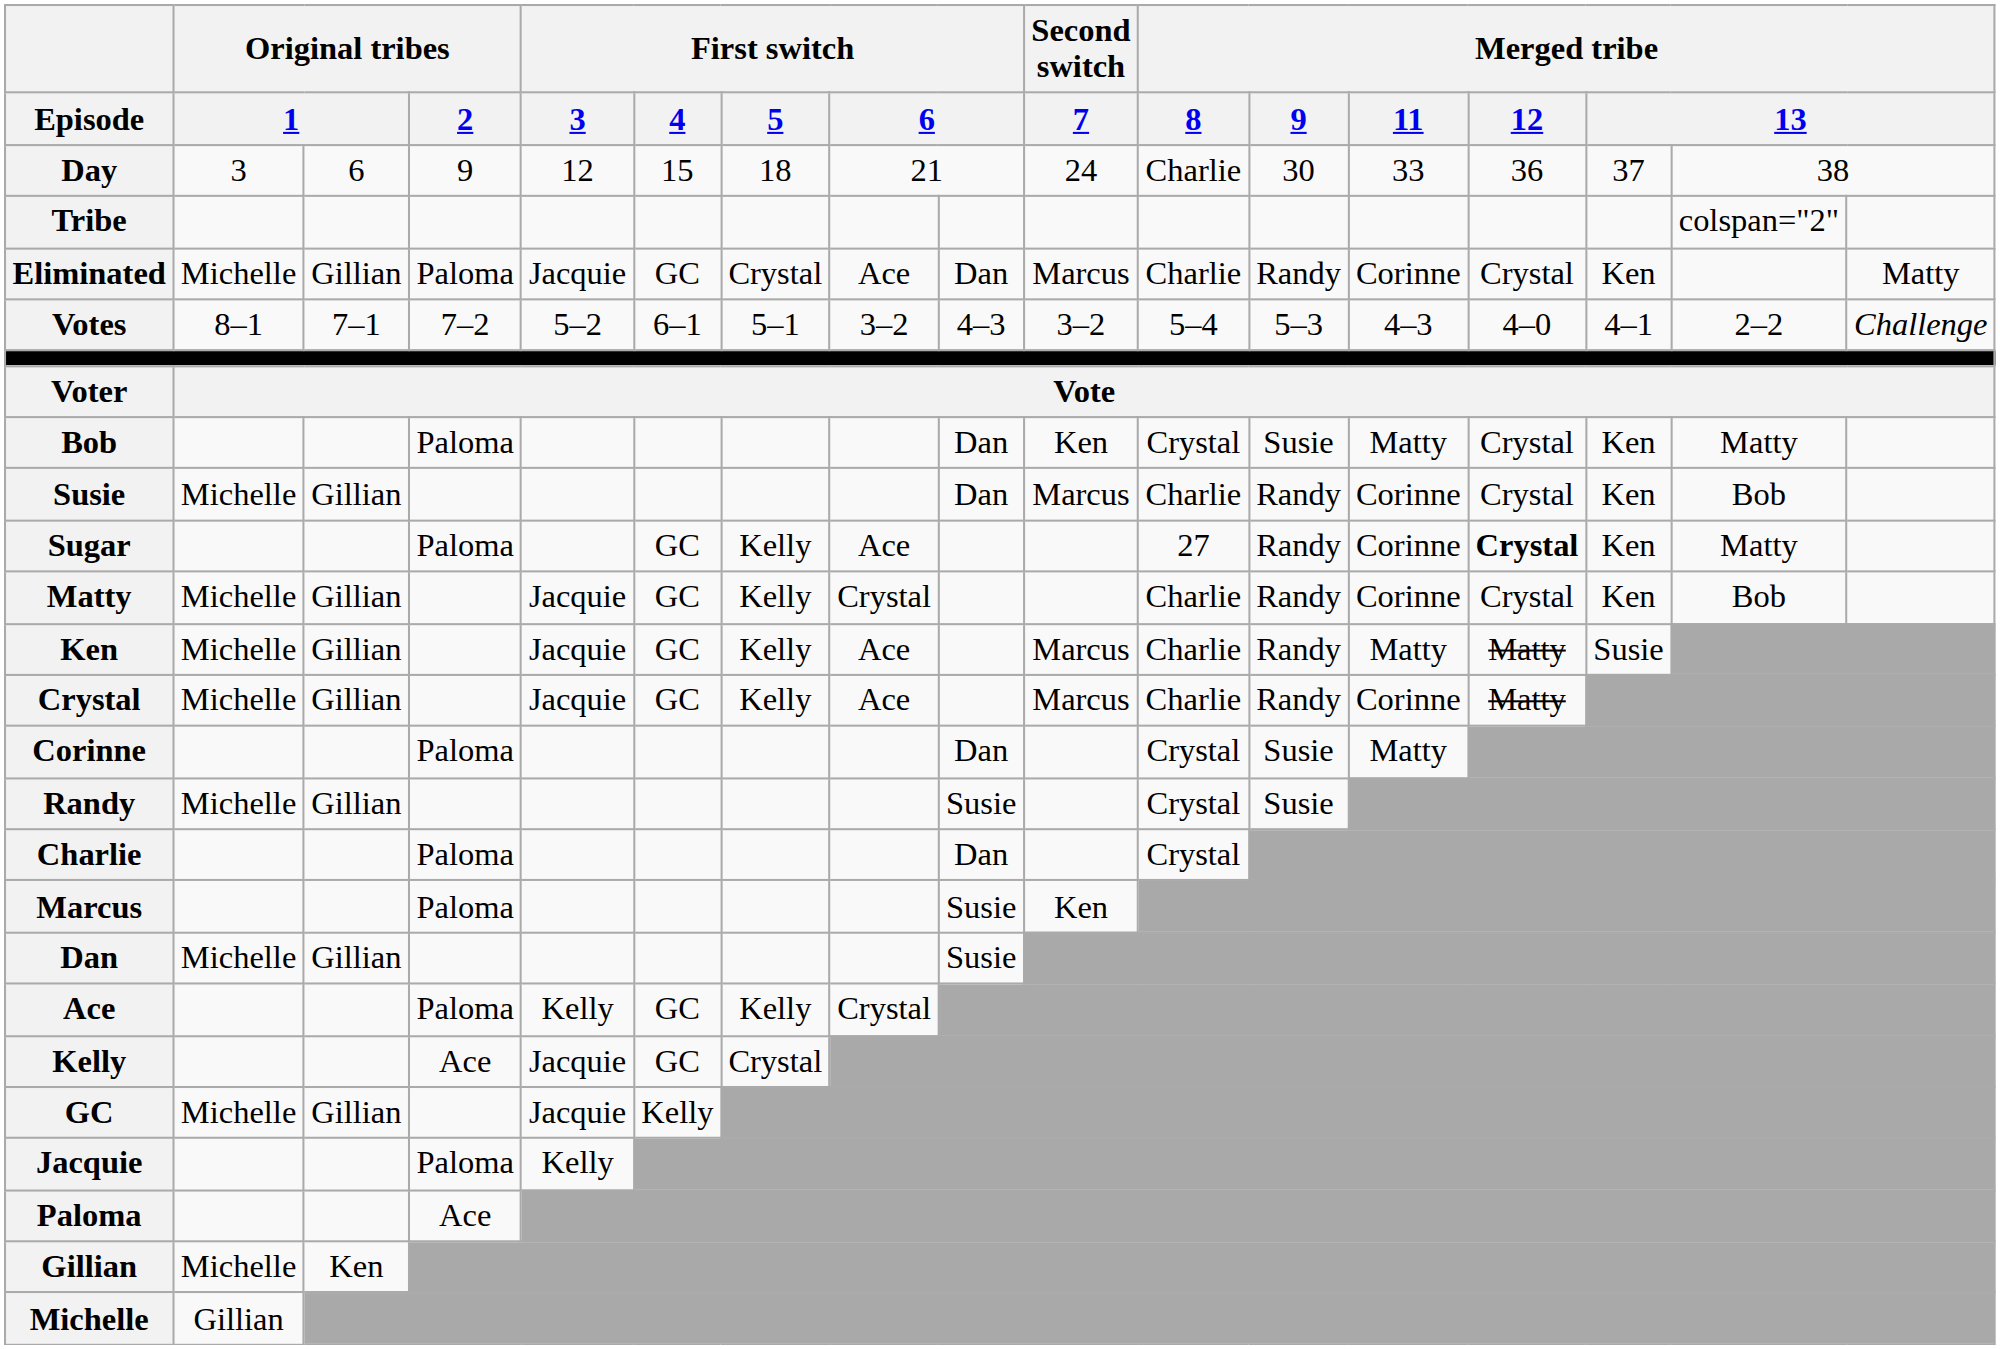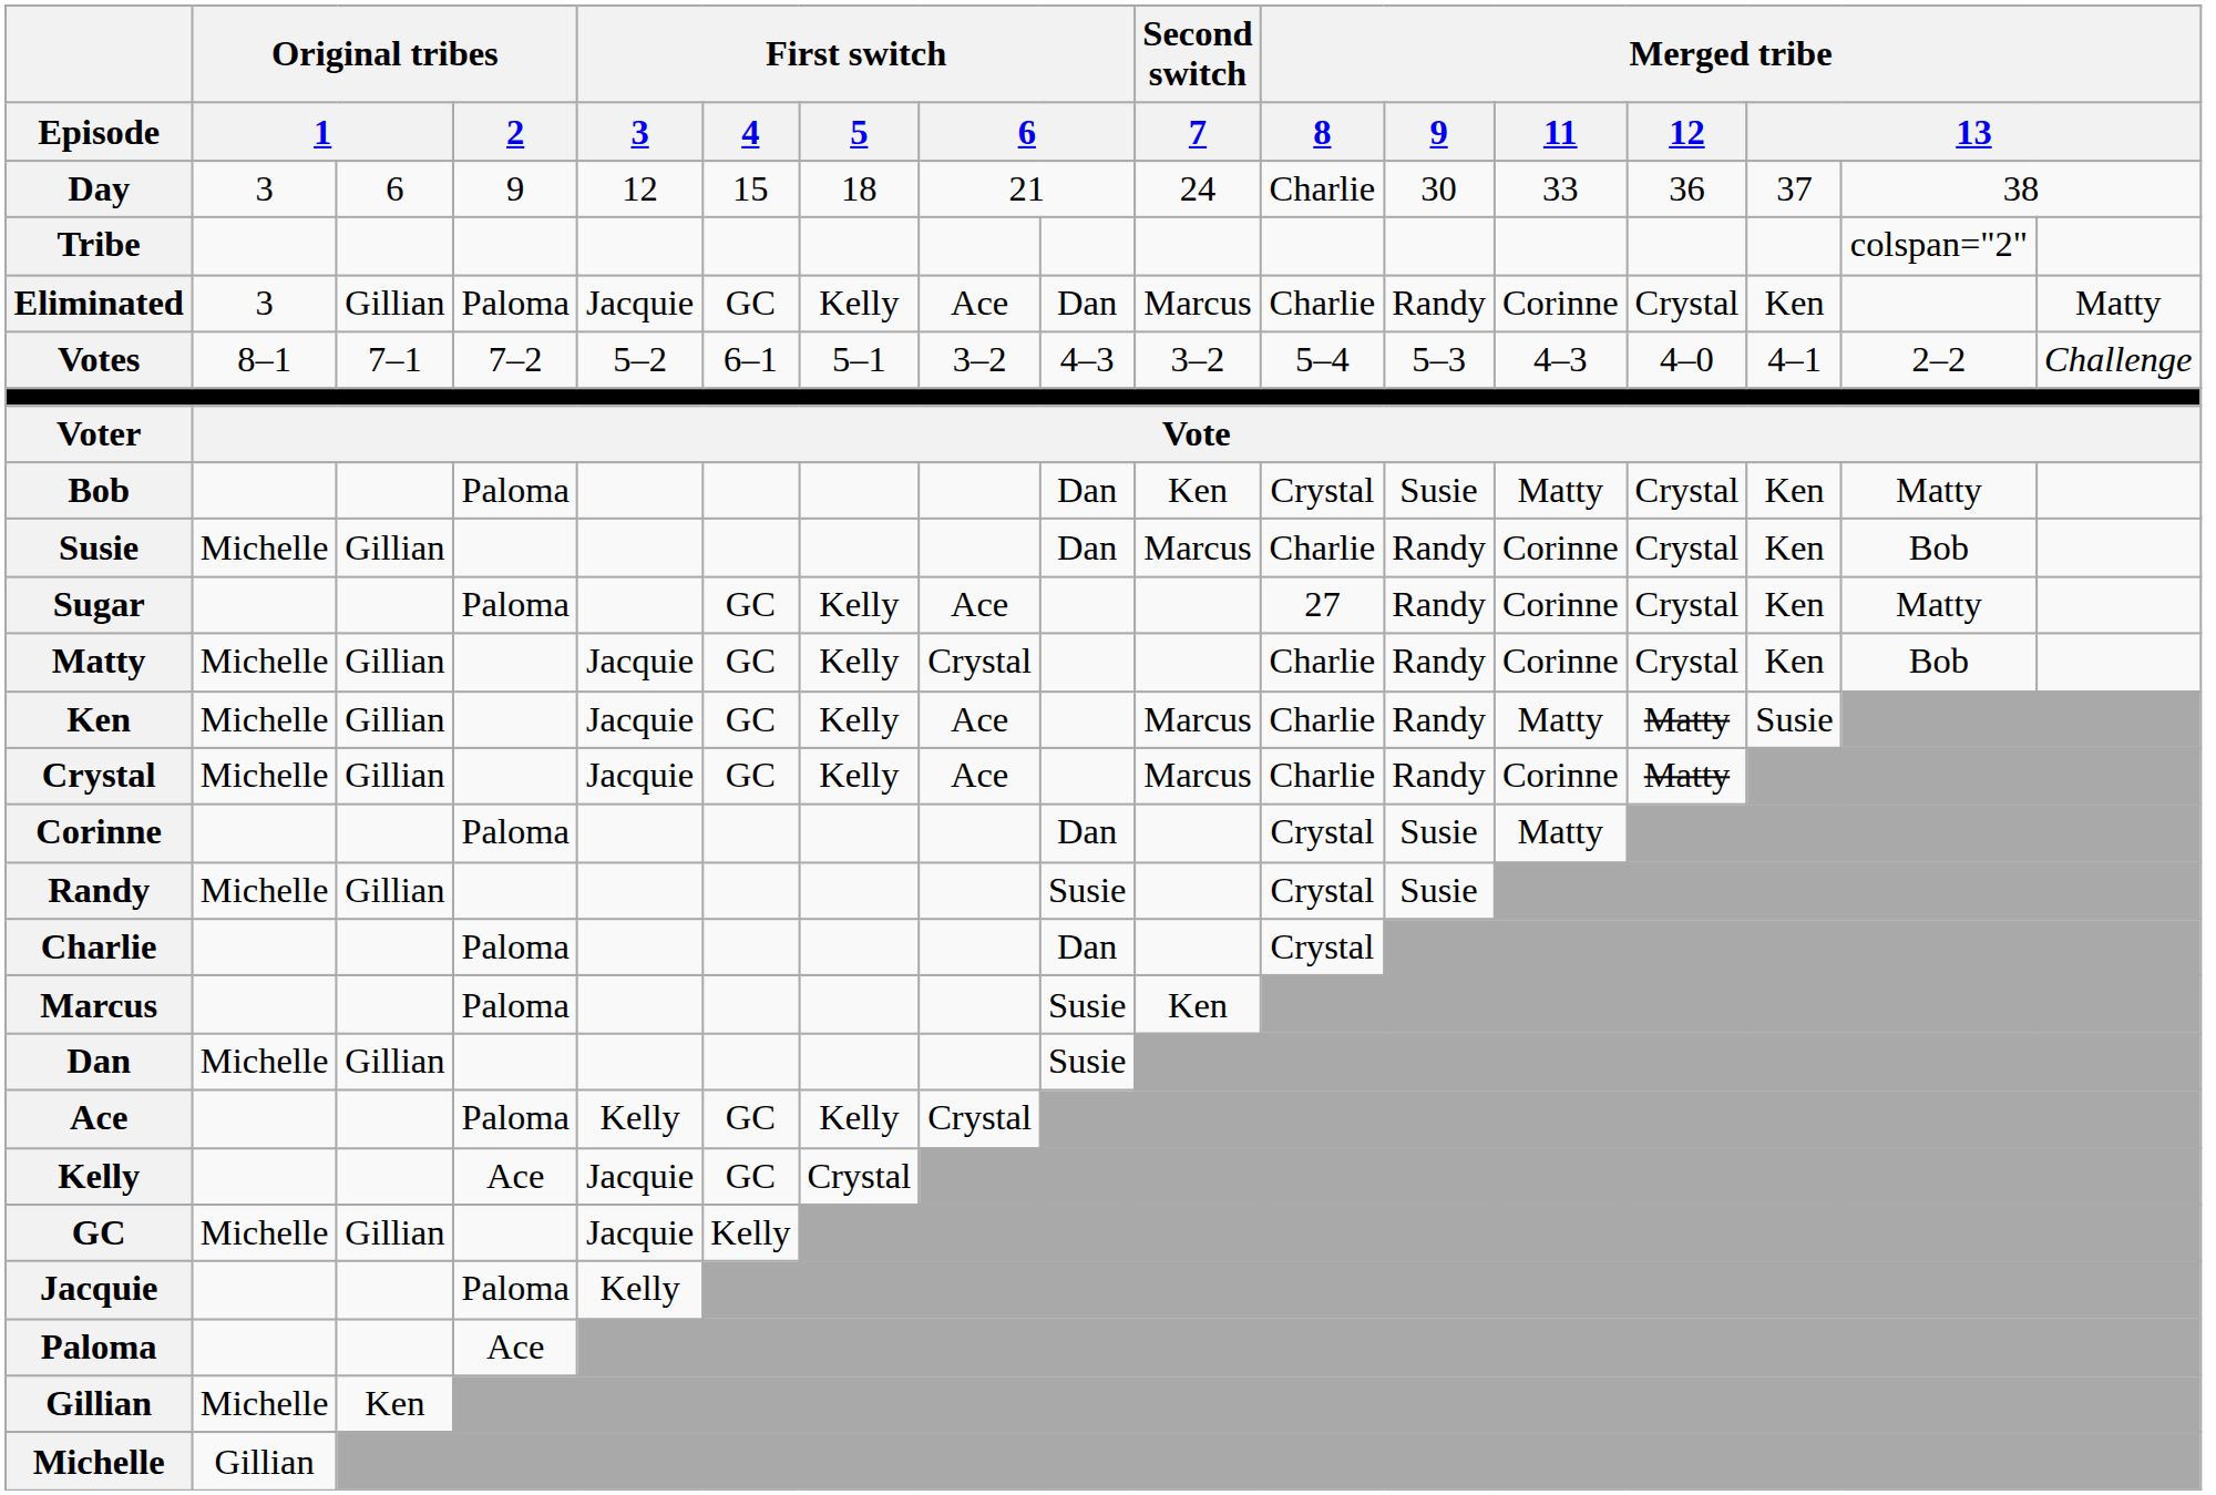 <table class="wikitable" style="text-align:center">
 <tr>
 <th></th>
 <th colspan=3>Original tribes</th>
 <th colspan=5>First switch</th>
 <th>Second<br>switch</th>
 <th colspan=7>Merged tribe</th>
 </tr>
 <tr>
 <th>Episode</th>
 <th colspan="2"><a href='#'>1</a></th>
 <th><a href='#'>2</a></th>
 <th><a href='#'>3</a></th>
 <th><a href='#'>4</a></th>
 <th><a href='#'>5</a></th>
 <th colspan="2"><a href='#'>6</a></th>
 <th><a href='#'>7</a></th>
 <th><a href='#'>8</a></th>
 <th><a href='#'>9</a></th>
 <th><a href='#'>11</a></th>
 <th><a href='#'>12</a></th>
 <th colspan="3"><a href='#'>13</a></th>
 </tr>
 <tr>
 <th>Day</th>
 <td>3</td>
 <td>6</td>
 <td>9</td>
 <td>12</td>
 <td>15</td>
 <td>18</td>
 <td colspan="2">21</td>
 <td>24</td>
 <td>Charlie</td>
 <td>30</td>
 <td>33</td>
 <td>36</td>
 <td>37</td>
 <td colspan="2">38</td>
 </tr>
 <tr>
 <th>Tribe</th>
 <td></td>
 <td></td>
 <td></td>
 <td></td>
 <td></td>
 <td></td>
 <td></td>
 <td></td>
 <td></td>
 <td></td>
 <td></td>
 <td></td>
 <td></td>
 <td></td>
 <td>colspan="2" </td>
 </tr>
 <tr>
 <th>Eliminated</th>
-<td>Michelle</td>
+<td>3</td>
 <td>Gillian</td>
 <td>Paloma</td>
 <td>Jacquie</td>
 <td>GC</td>
-<td>Crystal</td>
+<td>Kelly</td>
 <td>Ace</td>
 <td>Dan</td>
 <td>Marcus</td>
 <td>Charlie</td>
 <td>Randy</td>
 <td>Corinne</td>
 <td>Crystal</td>
 <td>Ken</td>
 <td></td>
 <td>Matty</td>
 </tr>
 <tr>
 <th>Votes</th>
 <td>8–1</td>
 <td>7–1</td>
 <td>7–2</td>
 <td>5–2</td>
 <td>6–1</td>
 <td>5–1</td>
 <td>3–2</td>
 <td>4–3</td>
 <td>3–2</td>
 <td>5–4</td>
 <td>5–3</td>
 <td>4–3</td>
 <td>4–0</td>
 <td>4–1</td>
 <td>2–2</td>
 <td><em>Challenge</em></td>
 </tr>
 <tr>
 <td colspan=20 bgcolor=black></td>
 </tr>
 <tr>
 <th>Voter</th>
 <th colspan="16">Vote</th>
 </tr>
 <tr>
 <th>Bob</th>
 <td></td>
 <td></td>
 <td>Paloma</td>
 <td></td>
 <td></td>
 <td></td>
 <td></td>
 <td>Dan</td>
 <td>Ken</td>
 <td>Crystal</td>
 <td>Susie</td>
 <td>Matty</td>
 <td>Crystal</td>
 <td>Ken</td>
 <td>Matty</td>
 <td></td>
 </tr>
 <tr>
 <th>Susie</th>
 <td>Michelle</td>
 <td>Gillian</td>
 <td></td>
 <td></td>
 <td></td>
 <td></td>
 <td></td>
 <td>Dan</td>
 <td>Marcus</td>
 <td>Charlie</td>
 <td>Randy</td>
 <td>Corinne</td>
 <td>Crystal</td>
 <td>Ken</td>
 <td>Bob</td>
 <td></td>
 </tr>
 <tr>
 <th>Sugar</th>
 <td></td>
 <td></td>
 <td>Paloma</td>
 <td></td>
 <td>GC</td>
 <td>Kelly</td>
 <td>Ace</td>
 <td></td>
 <td></td>
 <td>27</td>
 <td>Randy</td>
 <td>Corinne</td>
-<td><strong>Crystal</strong></td>
+<td>Crystal</td>
 <td>Ken</td>
 <td>Matty</td>
 <td></td>
 </tr>
 <tr>
 <th>Matty</th>
 <td>Michelle</td>
 <td>Gillian</td>
 <td></td>
 <td>Jacquie</td>
 <td>GC</td>
 <td>Kelly</td>
 <td>Crystal</td>
 <td></td>
 <td></td>
 <td>Charlie</td>
 <td>Randy</td>
 <td>Corinne</td>
 <td>Crystal</td>
 <td>Ken</td>
 <td>Bob</td>
 <td></td>
 </tr>
 <tr>
 <th>Ken</th>
 <td>Michelle</td>
 <td>Gillian</td>
 <td></td>
 <td>Jacquie</td>
 <td>GC</td>
 <td>Kelly</td>
 <td>Ace</td>
 <td></td>
 <td>Marcus</td>
 <td>Charlie</td>
 <td>Randy</td>
 <td>Matty</td>
 <td><s>Matty</s></td>
 <td>Susie</td>
 <td colspan="2" bgcolor="darkgray"></td>
 </tr>
 <tr>
 <th>Crystal</th>
 <td>Michelle</td>
 <td>Gillian</td>
 <td></td>
 <td>Jacquie</td>
 <td>GC</td>
 <td>Kelly</td>
 <td>Ace</td>
 <td></td>
 <td>Marcus</td>
 <td>Charlie</td>
 <td>Randy</td>
 <td>Corinne</td>
 <td><s>Matty</s></td>
 <td colspan="3" bgcolor="darkgray"></td>
 </tr>
 <tr>
 <th>Corinne</th>
 <td></td>
 <td></td>
 <td>Paloma</td>
 <td></td>
 <td></td>
 <td></td>
 <td></td>
 <td>Dan</td>
 <td></td>
 <td>Crystal</td>
 <td>Susie</td>
 <td>Matty</td>
 <td colspan="4" bgcolor="darkgray"></td>
 </tr>
 <tr>
 <th>Randy</th>
 <td>Michelle</td>
 <td>Gillian</td>
 <td></td>
 <td></td>
 <td></td>
 <td></td>
 <td></td>
 <td>Susie</td>
 <td></td>
 <td>Crystal</td>
 <td>Susie</td>
 <td colspan="5" bgcolor="darkgray"></td>
 </tr>
 <tr>
 <th>Charlie</th>
 <td></td>
 <td></td>
 <td>Paloma</td>
 <td></td>
 <td></td>
 <td></td>
 <td></td>
 <td>Dan</td>
 <td></td>
 <td>Crystal</td>
 <td colspan="6" bgcolor="darkgray"></td>
 </tr>
 <tr>
 <th>Marcus</th>
 <td></td>
 <td></td>
 <td>Paloma</td>
 <td></td>
 <td></td>
 <td></td>
 <td></td>
 <td>Susie</td>
 <td>Ken</td>
 <td colspan="7" bgcolor="darkgray"></td>
 </tr>
 <tr>
 <th>Dan</th>
 <td>Michelle</td>
 <td>Gillian</td>
 <td></td>
 <td></td>
 <td></td>
 <td></td>
 <td></td>
 <td>Susie</td>
 <td colspan="8" bgcolor="darkgray"></td>
 </tr>
 <tr>
 <th>Ace</th>
 <td></td>
 <td></td>
 <td>Paloma</td>
 <td>Kelly</td>
 <td>GC</td>
 <td>Kelly</td>
 <td>Crystal</td>
 <td colspan="9" bgcolor="darkgray"></td>
 </tr>
 <tr>
 <th>Kelly</th>
 <td></td>
 <td></td>
 <td>Ace</td>
 <td>Jacquie</td>
 <td>GC</td>
 <td>Crystal</td>
 <td colspan="10" bgcolor="darkgray"></td>
 </tr>
 <tr>
 <th>GC</th>
 <td>Michelle</td>
 <td>Gillian</td>
 <td></td>
 <td>Jacquie</td>
 <td>Kelly</td>
 <td colspan="11" bgcolor="darkgray"></td>
 </tr>
 <tr>
 <th>Jacquie</th>
 <td></td>
 <td></td>
 <td>Paloma</td>
 <td>Kelly</td>
 <td colspan="12" bgcolor="darkgray"></td>
 </tr>
 <tr>
 <th>Paloma</th>
 <td></td>
 <td></td>
 <td>Ace</td>
 <td colspan="13" bgcolor="darkgray"></td>
 </tr>
 <tr>
 <th>Gillian</th>
 <td>Michelle</td>
 <td>Ken</td>
 <td colspan="14" bgcolor="darkgray"></td>
 </tr>
 <tr>
 <th>Michelle</th>
 <td>Gillian</td>
 <td colspan="15" bgcolor="darkgray"></td>
 </tr>
 </table>
